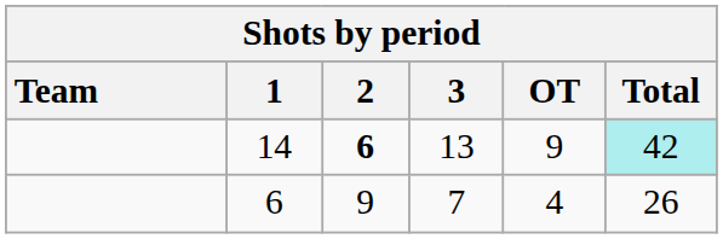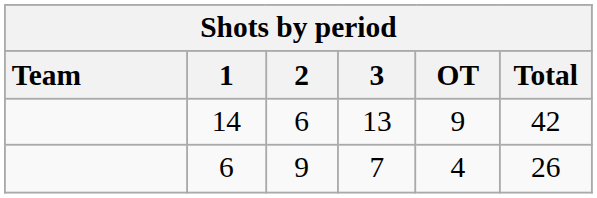 <table class="wikitable" style="width:20em; text-align:right;">
 <tr>
 <th colspan=6>Shots by period</th>
 </tr>
 <tr>
 <th style="width:8em; text-align:left;">Team</th>
 <th style="width:3em;">1</th>
 <th style="width:3em;">2</th>
 <th style="width:3em;">3</th>
 <th style="width:3em;">OT</th>
 <th style="width:3em;">Total</th>
 </tr>
 <tr>
 <td style="text-align:left;"></td>
 <td align=center>14</td>
-<td align=center><strong>6</strong></td>
+<td align=center>6</td>
 <td align=center>13</td>
 <td align=center>9</td>
-<td align=center style="background: paleturquoise;">42</td>
+<td align=center>42</td>
 </tr>
 <tr>
 <td style="text-align:left;"></td>
 <td align=center>6</td>
 <td align=center>9</td>
 <td align=center>7</td>
 <td align=center>4</td>
 <td align=center>26</td>
 </tr>
 </table>
